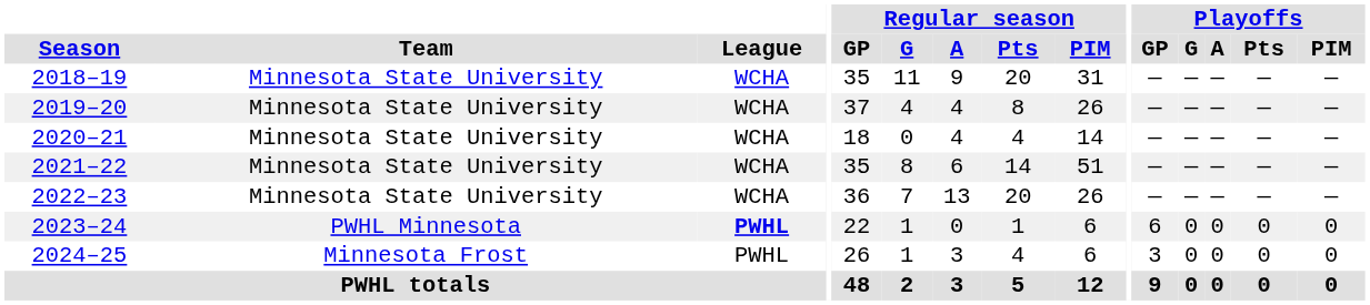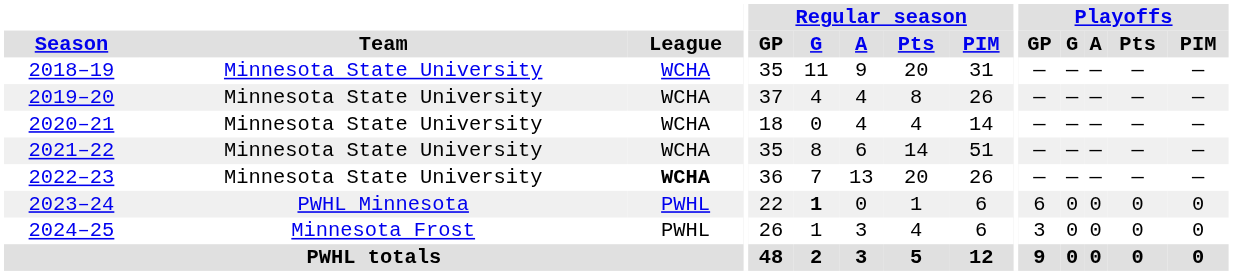 <table border="0" cellpadding="1" cellspacing="0" style="text-align:center; width:60em">
 <tr bgcolor="#e0e0e0">
 <th colspan="3" bgcolor="#ffffff"></th>
 <th rowspan="97" bgcolor="#ffffff"></th>
 <th colspan="5"><a href='#'>Regular season</a></th>
 <th rowspan="97" bgcolor="#ffffff"></th>
 <th colspan="5"><a href='#'>Playoffs</a></th>
 </tr>
 <tr bgcolor="#e0e0e0">
 <th><a href='#'>Season</a></th>
 <th>Team</th>
 <th>League</th>
 <th>GP</th>
 <th><a href='#'>G</a></th>
 <th><a href='#'>A</a></th>
 <th><a href='#'>Pts</a></th>
 <th><a href='#'>PIM</a></th>
 <th>GP</th>
 <th>G</th>
 <th>A</th>
 <th>Pts</th>
 <th>PIM</th>
 </tr>
 <tr>
 <td><a href='#'>2018–19</a></td>
 <td><a href='#'>Minnesota State University</a></td>
 <td><a href='#'>WCHA</a></td>
 <td>35</td>
 <td>11</td>
 <td>9</td>
 <td>20</td>
 <td>31</td>
 <td>—</td>
 <td>—</td>
 <td>—</td>
 <td>—</td>
 <td>—</td>
 </tr>
 <tr bgcolor="#f0f0f0">
 <td><a href='#'>2019–20</a></td>
 <td>Minnesota State University</td>
 <td>WCHA</td>
 <td>37</td>
 <td>4</td>
 <td>4</td>
 <td>8</td>
 <td>26</td>
 <td>—</td>
 <td>—</td>
 <td>—</td>
 <td>—</td>
 <td>—</td>
 </tr>
 <tr>
 <td><a href='#'>2020–21</a></td>
 <td>Minnesota State University</td>
 <td>WCHA</td>
 <td>18</td>
 <td>0</td>
 <td>4</td>
 <td>4</td>
 <td>14</td>
 <td>—</td>
 <td>—</td>
 <td>—</td>
 <td>—</td>
 <td>—</td>
 </tr>
 <tr bgcolor="#f0f0f0">
 <td><a href='#'>2021–22</a></td>
 <td>Minnesota State University</td>
 <td>WCHA</td>
 <td>35</td>
 <td>8</td>
 <td>6</td>
 <td>14</td>
 <td>51</td>
 <td>—</td>
 <td>—</td>
 <td>—</td>
 <td>—</td>
 <td>—</td>
 </tr>
 <tr>
 <td><a href='#'>2022–23</a></td>
 <td>Minnesota State University</td>
-<td>WCHA</td>
+<td><strong>WCHA</strong></td>
 <td>36</td>
 <td>7</td>
 <td>13</td>
 <td>20</td>
 <td>26</td>
 <td>—</td>
 <td>—</td>
 <td>—</td>
 <td>—</td>
 <td>—</td>
 </tr>
 <tr bgcolor="#f0f0f0">
 <td><a href='#'>2023–24</a></td>
 <td><a href='#'>PWHL Minnesota</a></td>
-<td><strong><a href='#'>PWHL</a></strong></td>
+<td><a href='#'>PWHL</a></td>
 <td>22</td>
-<td>1</td>
+<td><strong>1</strong></td>
 <td>0</td>
 <td>1</td>
 <td>6</td>
 <td>6</td>
 <td>0</td>
 <td>0</td>
 <td>0</td>
 <td>0</td>
 </tr>
 <tr>
 <td><a href='#'>2024–25</a></td>
 <td><a href='#'>Minnesota Frost</a></td>
 <td>PWHL</td>
 <td>26</td>
 <td>1</td>
 <td>3</td>
 <td>4</td>
 <td>6</td>
 <td>3</td>
 <td>0</td>
 <td>0</td>
 <td>0</td>
 <td>0</td>
 </tr>
 <tr bgcolor="#e0e0e0">
 <th colspan="3">PWHL totals</th>
 <th>48</th>
 <th>2</th>
 <th>3</th>
 <th>5</th>
 <th>12</th>
 <th>9</th>
 <th>0</th>
 <th>0</th>
 <th>0</th>
 <th>0</th>
 </tr>
 </table>
